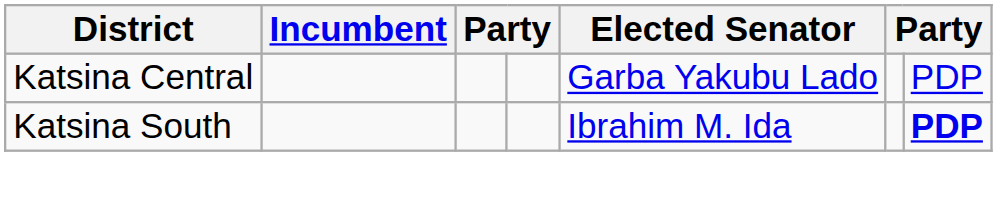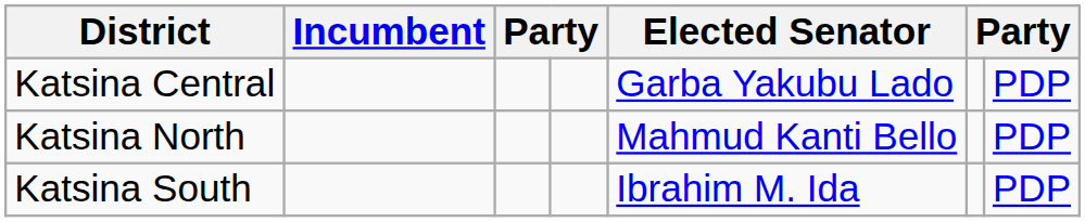 <table class="sortable wikitable" style="font-size:95%;line-height:14px;">
 <tr>
 <th class="unsortable">District</th>
 <th class="unsortable"><a href='#'>Incumbent</a></th>
 <th colspan="2">Party</th>
 <th class="unsortable">Elected Senator</th>
 <th colspan="2">Party</th>
 </tr>
 <tr>
 <td>Katsina Central</td>
 <td></td>
 <td></td>
 <td></td>
 <td><a href='#'>Garba Yakubu Lado</a></td>
 <td style="background:"></td>
 <td><a href='#'>PDP</a></td>
 </tr>
 <tr>
+<td>Katsina North</td>
+<td></td>
+<td></td>
+<td></td>
+<td><a href='#'>Mahmud Kanti Bello</a></td>
+<td style="background:"></td>
+<td><a href='#'>PDP</a></td>
+</tr>
+<tr>
 <td>Katsina South</td>
 <td></td>
 <td></td>
 <td></td>
 <td><a href='#'>Ibrahim M. Ida</a></td>
 <td style="background:"></td>
-<td><strong><a href='#'>PDP</a></strong></td>
+<td><a href='#'>PDP</a></td>
 </tr>
 </table>
